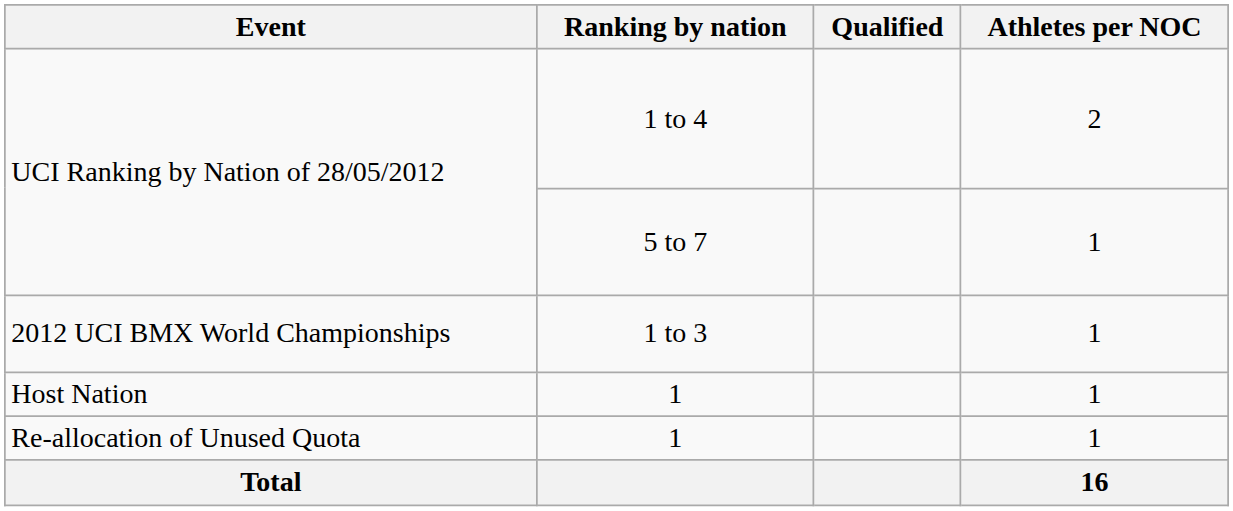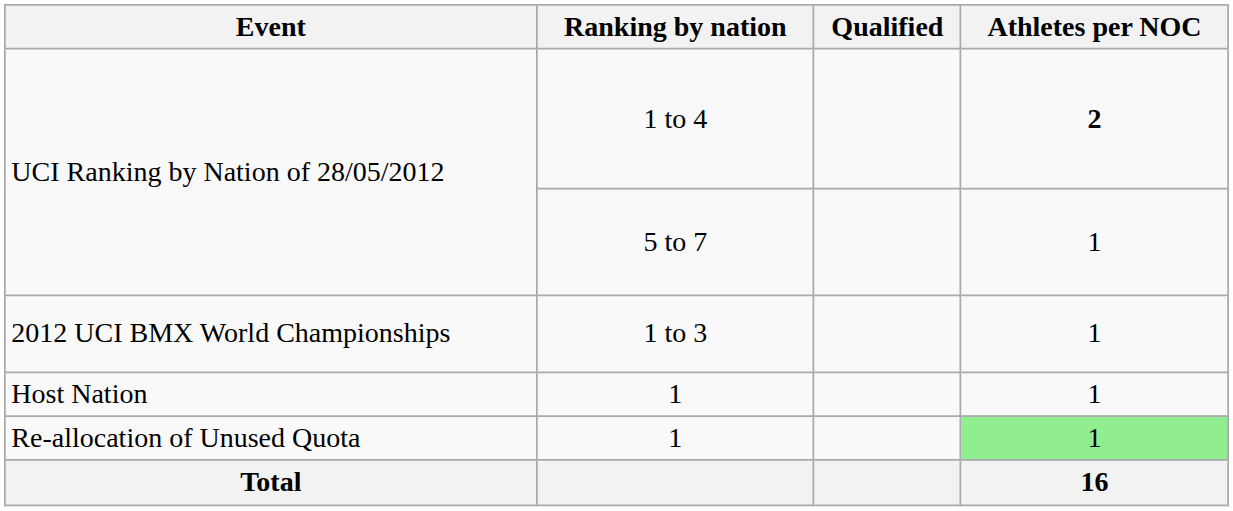 <table class="wikitable"  style="width:700px; text-align:center;">
 <tr>
 <th>Event</th>
 <th>Ranking by nation</th>
 <th>Qualified</th>
 <th>Athletes per NOC</th>
 </tr>
 <tr>
 <td rowspan="2" style="text-align:left;">UCI Ranking by Nation of 28/05/2012</td>
 <td>1 to 4</td>
 <td align="left"><br><br><br><br></td>
-<td>2</td>
+<td><strong>2</strong></td>
 </tr>
 <tr>
 <td>5 to 7</td>
 <td align="left"><br><br><br></td>
 <td>1</td>
 </tr>
 <tr>
 <td align="left">2012 UCI BMX World Championships</td>
 <td>1 to 3</td>
 <td align="left"><br><br></td>
 <td>1</td>
 </tr>
 <tr>
 <td align="left">Host Nation</td>
 <td>1</td>
 <td align="left"></td>
 <td>1</td>
 </tr>
 <tr>
 <td align="left">Re-allocation of Unused Quota</td>
 <td>1</td>
 <td align="left"></td>
-<td>1</td>
+<td style="background: lightgreen;">1</td>
 </tr>
 <tr>
 <th>Total</th>
 <th></th>
 <th></th>
 <th>16</th>
 </tr>
 </table>
